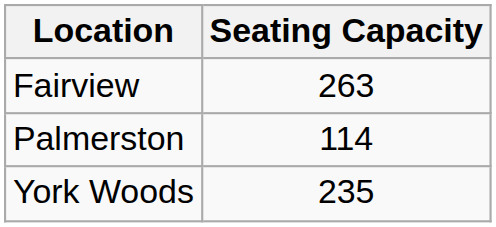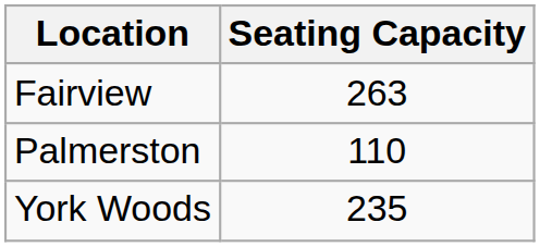 <table class="wikitable plainrowheaders">
 <tr>
 <th scope="col">Location</th>
 <th scope="col">Seating Capacity</th>
 </tr>
 <tr>
 <td scope = "row">Fairview</td>
 <td style="text-align:center">263</td>
 </tr>
 <tr>
 <td scope = row>Palmerston</td>
-<td style="text-align:center">114</td>
+<td style="text-align:center">110</td>
 </tr>
 <tr>
 <td scope = row>York Woods</td>
 <td style="text-align:center">235</td>
 </tr>
 </table>
